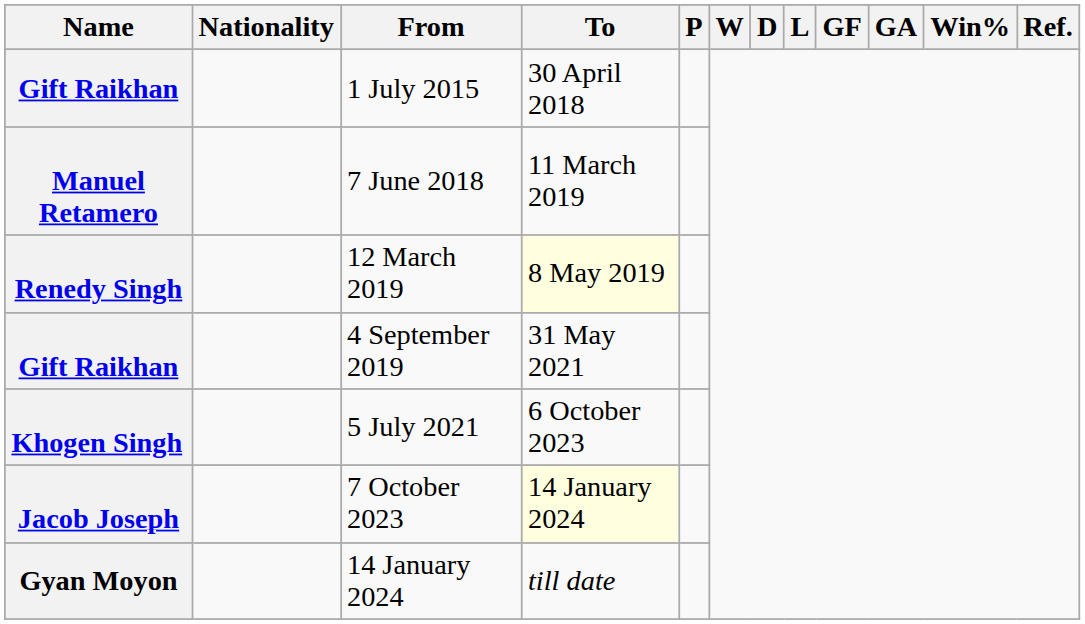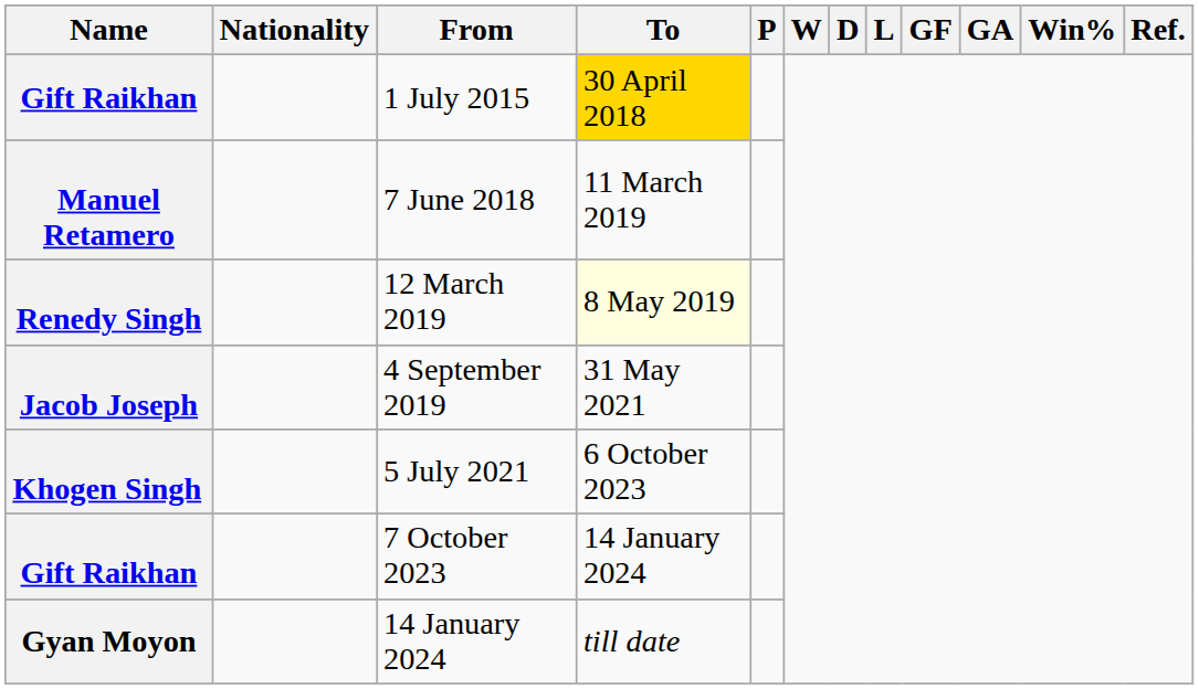 <table class="wikitable plainrowheaders sortable" style="text-align:center">
 <tr>
 <th>Name</th>
 <th>Nationality</th>
 <th>From</th>
 <th class="unsortable">To</th>
 <th>P</th>
 <th>W</th>
 <th>D</th>
 <th>L</th>
 <th>GF</th>
 <th>GA</th>
 <th>Win%</th>
 <th>Ref.</th>
 </tr>
 <tr>
 <th scope=row style=text-align:"left"><a href='#'>Gift Raikhan</a></th>
 <td rowspan="1" align="left"></td>
 <td align="left">1 July 2015</td>
-<td align="left">30 April 2018<br></td>
+<td align="left" style="background: gold;">30 April 2018<br></td>
 <td></td>
 </tr>
 <tr>
 <th scope=row style=text-align:"left"><br><a href='#'>Manuel Retamero</a></th>
 <td align="left"></td>
 <td align="left">7 June 2018</td>
 <td align=left>11 March 2019<br></td>
 <td></td>
 </tr>
 <tr>
 <th scope=row style=text-align:"left"><br><a href='#'>Renedy Singh</a></th>
 <td align="left"></td>
 <td align="left">12 March 2019</td>
 <td align=left style="background: lightyellow;">8 May 2019<br></td>
 <td></td>
 </tr>
 <tr>
-<th scope=row style=text-align:"left"><br><a href='#'>Gift Raikhan</a></th>
+<th scope=row style=text-align:"left"><br><a href='#'>Jacob Joseph</a></th>
 <td align="left"></td>
 <td align="left">4 September 2019</td>
 <td align="left">31 May 2021<br></td>
 <td></td>
 </tr>
 <tr>
 <th scope=row style=text-align:left><br><a href='#'>Khogen Singh</a></th>
 <td align="left"></td>
 <td align="left">5 July 2021</td>
 <td align="left">6 October 2023<br></td>
 <td></td>
 </tr>
 <tr>
-<th scope=row style=text-align:"left"><br><a href='#'>Jacob Joseph</a></th>
+<th scope=row style=text-align:"left"><br><a href='#'>Gift Raikhan</a></th>
 <td align="left"></td>
 <td align="left">7 October 2023</td>
-<td align="left" style="background: lightyellow;">14 January 2024<br></td>
+<td align="left">14 January 2024<br></td>
 <td></td>
 </tr>
 <tr>
 <th scope=row style=text-align:"left">Gyan Moyon</th>
 <td align="left"></td>
 <td align="left">14 January 2024</td>
 <td align="left"><em>till date</em><br></td>
 <td></td>
 </tr>
 </table>
